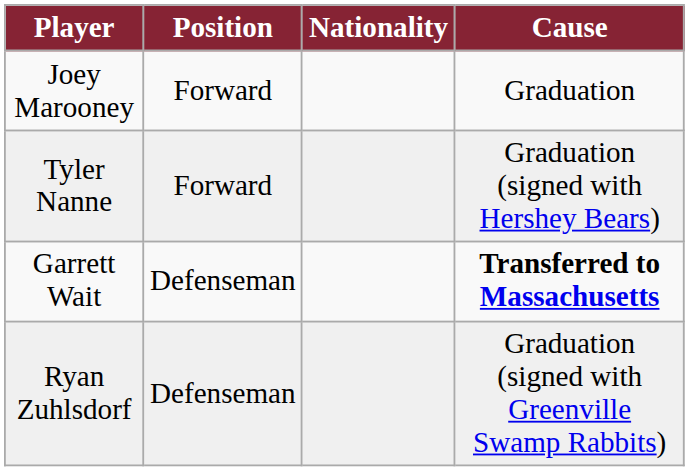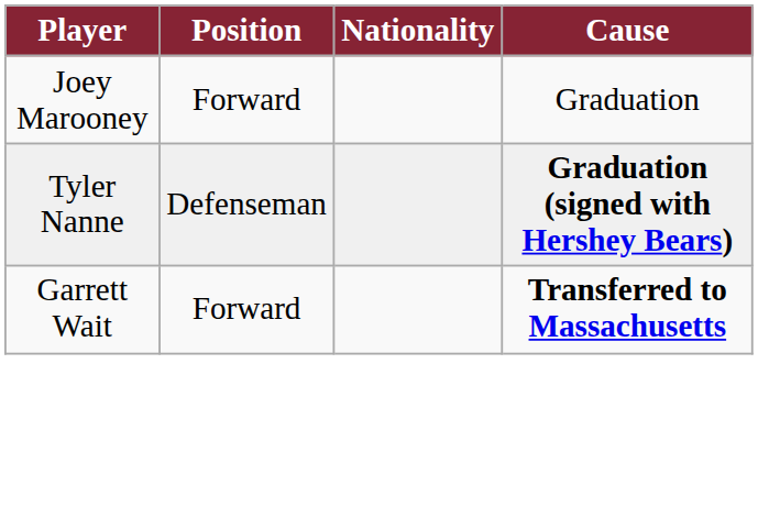 <table class="wikitable" width="60%">
 <tr>
 <th style="color:white; background:#862334; ">Player</th>
 <th style="color:white; background:#862334; ">Position</th>
 <th style="color:white; background:#862334; ">Nationality</th>
 <th style="color:white; background:#862334; ">Cause</th>
 </tr>
 <tr align="center" bgcolor="">
 <td>Joey Marooney</td>
 <td>Forward</td>
 <td></td>
 <td>Graduation</td>
 </tr>
 <tr align="center" bgcolor="f0f0f0">
 <td>Tyler Nanne</td>
-<td>Forward</td>
+<td>Defenseman</td>
 <td></td>
-<td>Graduation (signed with <a href='#'>Hershey Bears</a>)</td>
+<td><strong>Graduation (signed with <a href='#'>Hershey Bears</a>)</strong></td>
 </tr>
 <tr align="center" bgcolor="">
 <td>Garrett Wait</td>
-<td>Defenseman</td>
+<td>Forward</td>
 <td></td>
 <td><strong>Transferred to <a href='#'>Massachusetts</a></strong></td>
 </tr>
-<tr align="center" bgcolor="f0f0f0">
-<td>Ryan Zuhlsdorf</td>
-<td>Defenseman</td>
-<td></td>
-<td>Graduation (signed with <a href='#'>Greenville Swamp Rabbits</a>)</td>
-</tr>
 </table>
